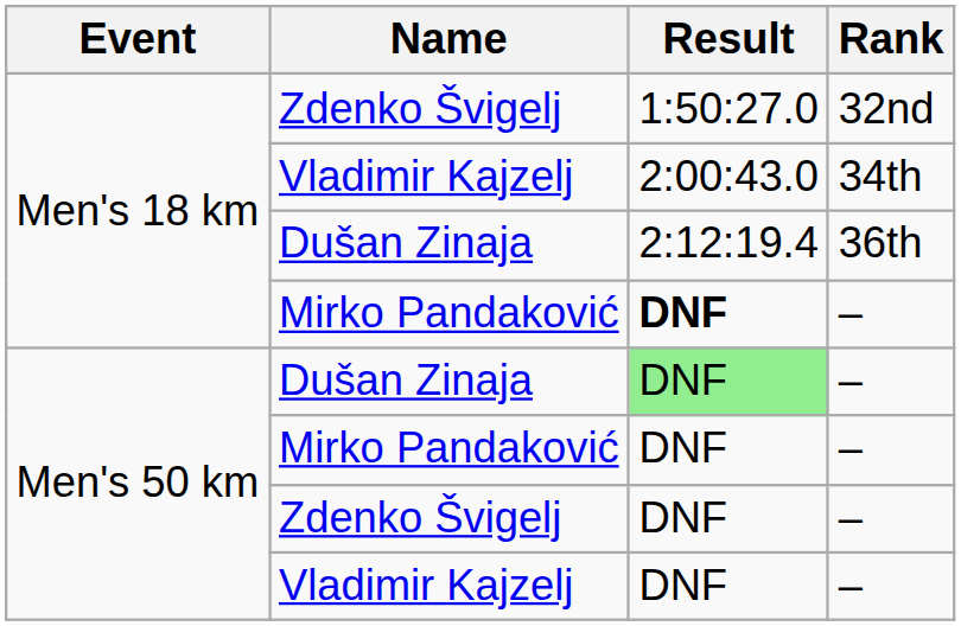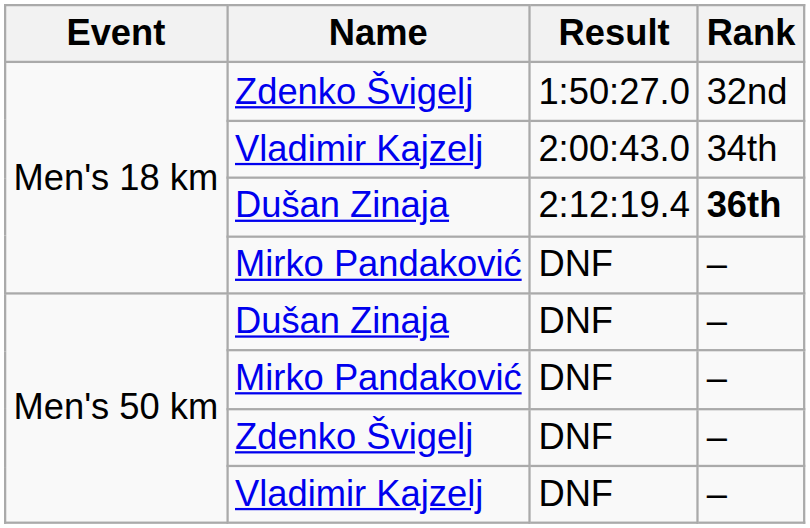 <table class="wikitable">
 <tr>
 <th>Event</th>
 <th>Name</th>
 <th>Result</th>
 <th>Rank</th>
 </tr>
 <tr>
 <td rowspan=4>Men's 18 km</td>
 <td><a href='#'>Zdenko Švigelj</a></td>
 <td>1:50:27.0</td>
 <td>32nd</td>
 </tr>
 <tr>
 <td><a href='#'>Vladimir Kajzelj</a></td>
 <td>2:00:43.0</td>
 <td>34th</td>
 </tr>
 <tr>
 <td><a href='#'>Dušan Zinaja</a></td>
 <td>2:12:19.4</td>
-<td>36th</td>
+<td><strong>36th</strong></td>
 </tr>
 <tr>
 <td><a href='#'>Mirko Pandaković</a></td>
-<td><strong>DNF</strong></td>
+<td>DNF</td>
 <td>–</td>
 </tr>
 <tr>
 <td rowspan=4>Men's 50 km</td>
 <td><a href='#'>Dušan Zinaja</a></td>
-<td style="background: lightgreen;">DNF</td>
+<td>DNF</td>
 <td>–</td>
 </tr>
 <tr>
 <td><a href='#'>Mirko Pandaković</a></td>
 <td>DNF</td>
 <td>–</td>
 </tr>
 <tr>
 <td><a href='#'>Zdenko Švigelj</a></td>
 <td>DNF</td>
 <td>–</td>
 </tr>
 <tr>
 <td><a href='#'>Vladimir Kajzelj</a></td>
 <td>DNF</td>
 <td>–</td>
 </tr>
 </table>
